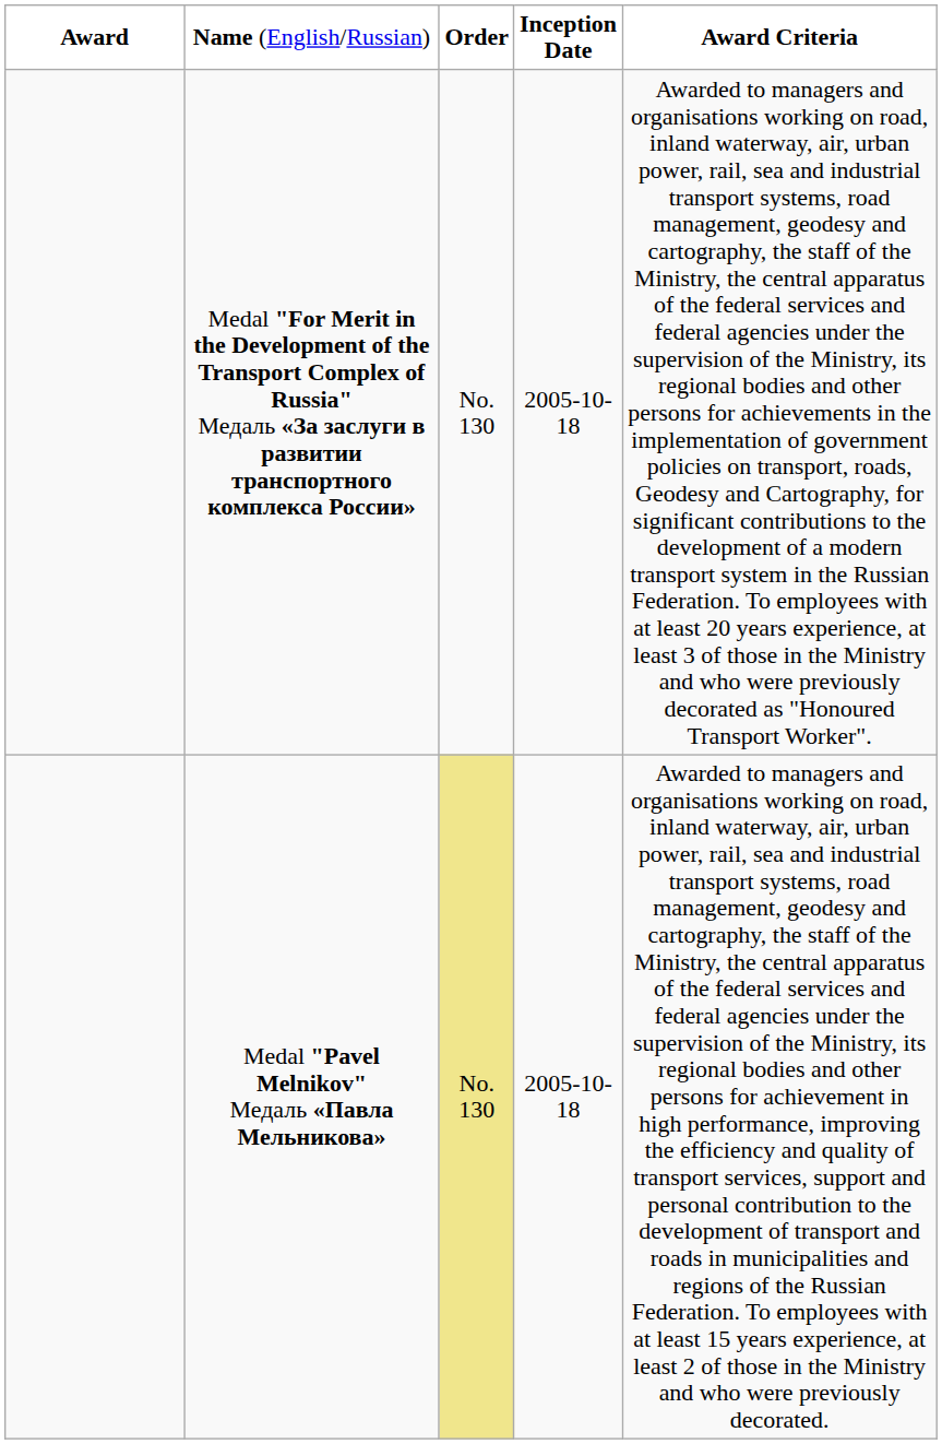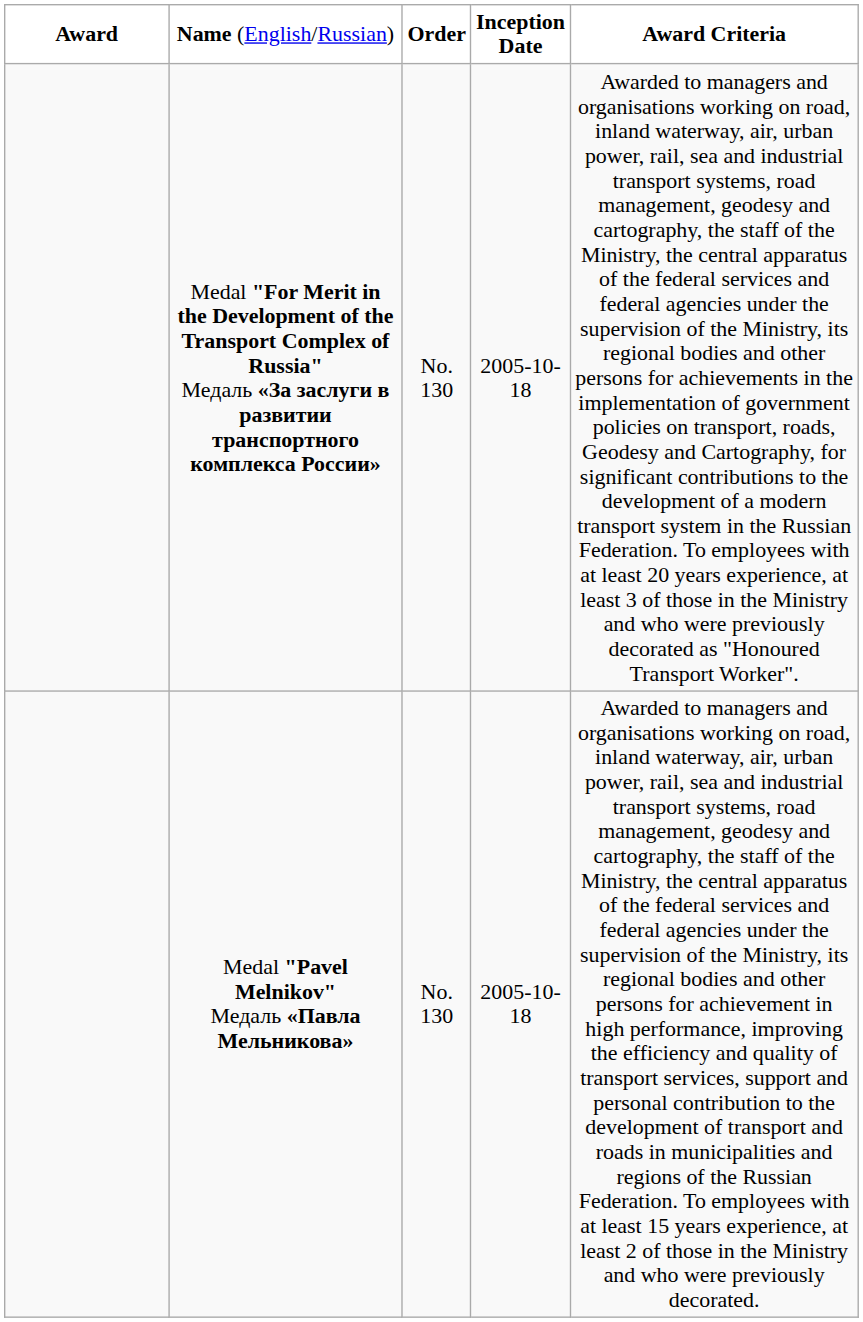 <table class="wikitable sortable" width="100%">
 <tr>
 <td width="20%" bgcolor="#FFFFFF" style="text-align:center;"><strong>Award</strong></td>
 <td width="28%" bgcolor="#FFFFFF" style="text-align:center;"><strong>Name</strong> (<a href='#'>English</a>/<a href='#'>Russian</a>)</td>
 <td width="07%" bgcolor="#FFFFFF" style="text-align:center;"><strong>Order</strong></td>
 <td width="10%" bgcolor="#FFFFFF" style="text-align:center;"><strong>Inception Date</strong></td>
 <td width="35%" bgcolor="#FFFFFF" style="text-align:center;"><strong>Award Criteria</strong></td>
 </tr>
 <tr>
 <td></td>
 <td style="text-align:center;">Medal <strong>"For Merit in the Development of the Transport Complex of Russia"</strong><br>Медаль <strong>«За заслуги в развитии транспортного комплекса России»</strong></td>
 <td style="text-align:center;">No. 130</td>
 <td style="text-align:center;">2005-10-18</td>
 <td style="text-align:center;">Awarded to managers and organisations working on road, inland waterway, air, urban power, rail, sea and industrial transport systems, road management, geodesy and cartography, the staff of the Ministry, the central apparatus of the federal services and federal agencies under the supervision of the Ministry, its regional bodies and other persons for achievements in the implementation of government policies on transport, roads, Geodesy and Cartography, for significant contributions to the development of a modern transport system in the Russian Federation.  To employees with at least 20 years experience, at least 3 of those in the Ministry and who were previously decorated as "Honoured Transport Worker".</td>
 </tr>
 <tr>
 <td></td>
 <td style="text-align:center;">Medal <strong>"Pavel Melnikov"</strong><br>Медаль <strong>«Павла Мельникова»</strong></td>
-<td style="background: khaki; text-align:center;">No. 130</td>
+<td style="text-align:center;">No. 130</td>
 <td style="text-align:center;">2005-10-18</td>
 <td style="text-align:center;">Awarded to managers and organisations working on road, inland waterway, air, urban power, rail, sea and industrial transport systems, road management, geodesy and cartography, the staff of the Ministry, the central apparatus of the federal services and federal agencies under the supervision of the Ministry, its regional bodies and other persons for achievement in high performance, improving the efficiency and quality of transport services, support and personal contribution to the development of transport and roads in municipalities and regions of the Russian Federation.  To employees with at least 15 years experience, at least 2 of those in the Ministry and who were previously decorated.</td>
 </tr>
 </table>
